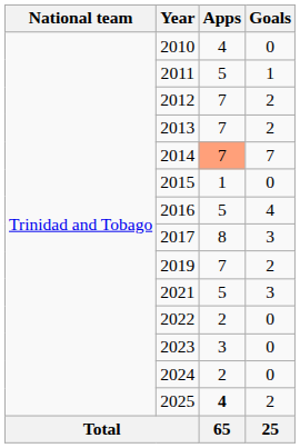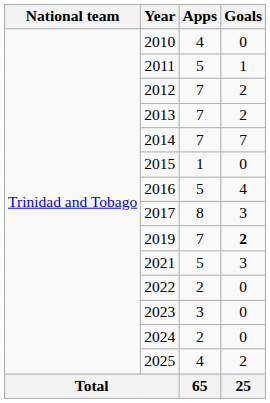 <table class="wikitable" style="text-align:center">
 <tr>
 <th>National team</th>
 <th>Year</th>
 <th>Apps</th>
 <th>Goals</th>
 </tr>
 <tr>
 <td rowspan="14"><a href='#'>Trinidad and Tobago</a></td>
 <td>2010</td>
 <td>4</td>
 <td>0</td>
 </tr>
 <tr>
 <td>2011</td>
 <td>5</td>
 <td>1</td>
 </tr>
 <tr>
 <td>2012</td>
 <td>7</td>
 <td>2</td>
 </tr>
 <tr>
 <td>2013</td>
 <td>7</td>
 <td>2</td>
 </tr>
 <tr>
 <td>2014</td>
-<td style="background: lightsalmon;">7</td>
+<td>7</td>
 <td>7</td>
 </tr>
 <tr>
 <td>2015</td>
 <td>1</td>
 <td>0</td>
 </tr>
 <tr>
 <td>2016</td>
 <td>5</td>
 <td>4</td>
 </tr>
 <tr>
 <td>2017</td>
 <td>8</td>
 <td>3</td>
 </tr>
 <tr>
 <td>2019</td>
 <td>7</td>
-<td>2</td>
+<td><strong>2</strong></td>
 </tr>
 <tr>
 <td>2021</td>
 <td>5</td>
 <td>3</td>
 </tr>
 <tr>
 <td>2022</td>
 <td>2</td>
 <td>0</td>
 </tr>
 <tr>
 <td>2023</td>
 <td>3</td>
 <td>0</td>
 </tr>
 <tr>
 <td>2024</td>
 <td>2</td>
 <td>0</td>
 </tr>
 <tr>
 <td>2025</td>
-<td><strong>4</strong></td>
+<td>4</td>
 <td>2</td>
 </tr>
 <tr>
 <th colspan="2">Total</th>
 <th>65</th>
 <th>25</th>
 </tr>
 </table>
